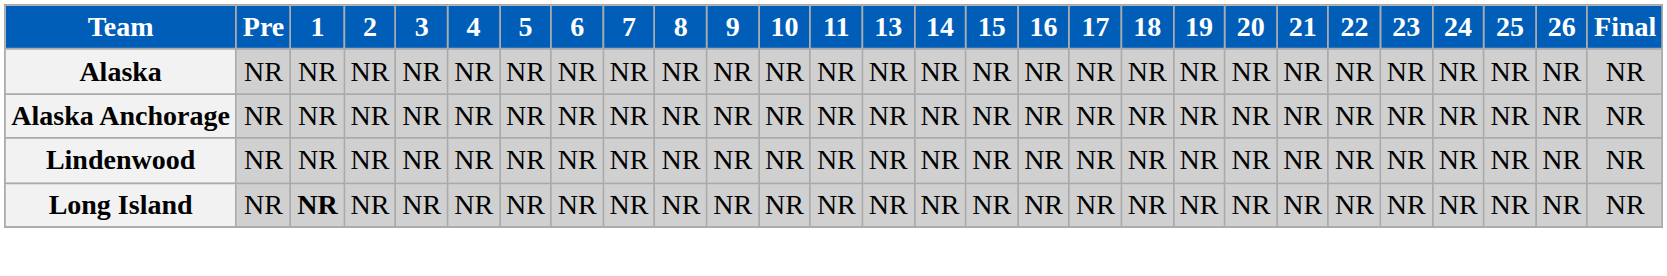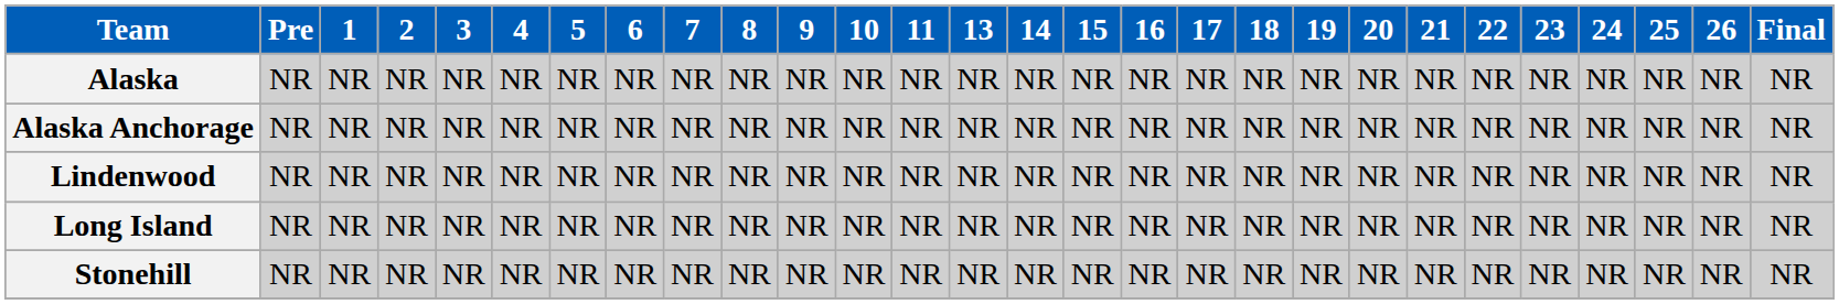 <table class="wikitable sortable" style="text-align: center;">
 <tr>
 <th style="color:white; background:#005EB8">Team</th>
 <th style="color:white; background:#005EB8">Pre</th>
 <th style="color:white; background:#005EB8">1</th>
 <th style="color:white; background:#005EB8">2</th>
 <th style="color:white; background:#005EB8">3</th>
 <th style="color:white; background:#005EB8">4</th>
 <th style="color:white; background:#005EB8">5</th>
 <th style="color:white; background:#005EB8">6</th>
 <th style="color:white; background:#005EB8">7</th>
 <th style="color:white; background:#005EB8">8</th>
 <th style="color:white; background:#005EB8">9</th>
 <th style="color:white; background:#005EB8">10</th>
 <th style="color:white; background:#005EB8">11</th>
 <th style="color:white; background:#005EB8">13</th>
 <th style="color:white; background:#005EB8">14</th>
 <th style="color:white; background:#005EB8">15</th>
 <th style="color:white; background:#005EB8">16</th>
 <th style="color:white; background:#005EB8">17</th>
 <th style="color:white; background:#005EB8">18</th>
 <th style="color:white; background:#005EB8">19</th>
 <th style="color:white; background:#005EB8">20</th>
 <th style="color:white; background:#005EB8">21</th>
 <th style="color:white; background:#005EB8">22</th>
 <th style="color:white; background:#005EB8">23</th>
 <th style="color:white; background:#005EB8">24</th>
 <th style="color:white; background:#005EB8">25</th>
 <th style="color:white; background:#005EB8">26</th>
 <th style="color:white; background:#005EB8">Final</th>
 </tr>
 <tr bgcolor=d0d0d0>
 <th>Alaska</th>
 <td>NR</td>
 <td>NR</td>
 <td>NR</td>
 <td>NR</td>
 <td>NR</td>
 <td>NR</td>
 <td>NR</td>
 <td>NR</td>
 <td>NR</td>
 <td>NR</td>
 <td>NR</td>
 <td>NR</td>
 <td>NR</td>
 <td>NR</td>
 <td>NR</td>
 <td>NR</td>
 <td>NR</td>
 <td>NR</td>
 <td>NR</td>
 <td>NR</td>
 <td>NR</td>
 <td>NR</td>
 <td>NR</td>
 <td>NR</td>
 <td>NR</td>
 <td>NR</td>
 <td>NR</td>
 </tr>
 <tr bgcolor=d0d0d0>
 <th>Alaska Anchorage</th>
 <td>NR</td>
 <td>NR</td>
 <td>NR</td>
 <td>NR</td>
 <td>NR</td>
 <td>NR</td>
 <td>NR</td>
 <td>NR</td>
 <td>NR</td>
 <td>NR</td>
 <td>NR</td>
 <td>NR</td>
 <td>NR</td>
 <td>NR</td>
 <td>NR</td>
 <td>NR</td>
 <td>NR</td>
 <td>NR</td>
 <td>NR</td>
 <td>NR</td>
 <td>NR</td>
 <td>NR</td>
 <td>NR</td>
 <td>NR</td>
 <td>NR</td>
 <td>NR</td>
 <td>NR</td>
 </tr>
 <tr bgcolor=d0d0d0>
 <th>Lindenwood</th>
 <td>NR</td>
 <td>NR</td>
 <td>NR</td>
 <td>NR</td>
 <td>NR</td>
 <td>NR</td>
 <td>NR</td>
 <td>NR</td>
 <td>NR</td>
 <td>NR</td>
 <td>NR</td>
 <td>NR</td>
 <td>NR</td>
 <td>NR</td>
 <td>NR</td>
 <td>NR</td>
 <td>NR</td>
 <td>NR</td>
 <td>NR</td>
 <td>NR</td>
 <td>NR</td>
 <td>NR</td>
 <td>NR</td>
 <td>NR</td>
 <td>NR</td>
 <td>NR</td>
 <td>NR</td>
 </tr>
 <tr bgcolor=d0d0d0>
 <th>Long Island</th>
 <td>NR</td>
-<td><strong>NR</strong></td>
+<td>NR</td>
+<td>NR</td>
+<td>NR</td>
+<td>NR</td>
+<td>NR</td>
+<td>NR</td>
+<td>NR</td>
+<td>NR</td>
+<td>NR</td>
+<td>NR</td>
+<td>NR</td>
+<td>NR</td>
+<td>NR</td>
+<td>NR</td>
+<td>NR</td>
+<td>NR</td>
+<td>NR</td>
+<td>NR</td>
+<td>NR</td>
+<td>NR</td>
+<td>NR</td>
+<td>NR</td>
+<td>NR</td>
+<td>NR</td>
+<td>NR</td>
+<td>NR</td>
+</tr>
+<tr bgcolor=d0d0d0>
+<th>Stonehill</th>
+<td>NR</td>
+<td>NR</td>
 <td>NR</td>
 <td>NR</td>
 <td>NR</td>
 <td>NR</td>
 <td>NR</td>
 <td>NR</td>
 <td>NR</td>
 <td>NR</td>
 <td>NR</td>
 <td>NR</td>
 <td>NR</td>
 <td>NR</td>
 <td>NR</td>
 <td>NR</td>
 <td>NR</td>
 <td>NR</td>
 <td>NR</td>
 <td>NR</td>
 <td>NR</td>
 <td>NR</td>
 <td>NR</td>
 <td>NR</td>
 <td>NR</td>
 <td>NR</td>
 <td>NR</td>
 </tr>
 <tr>
 </tr>
 </table>
